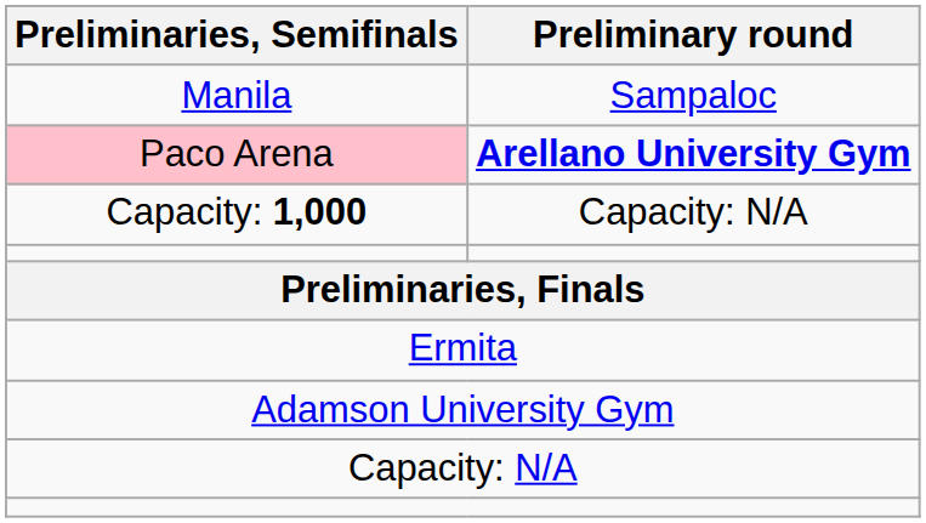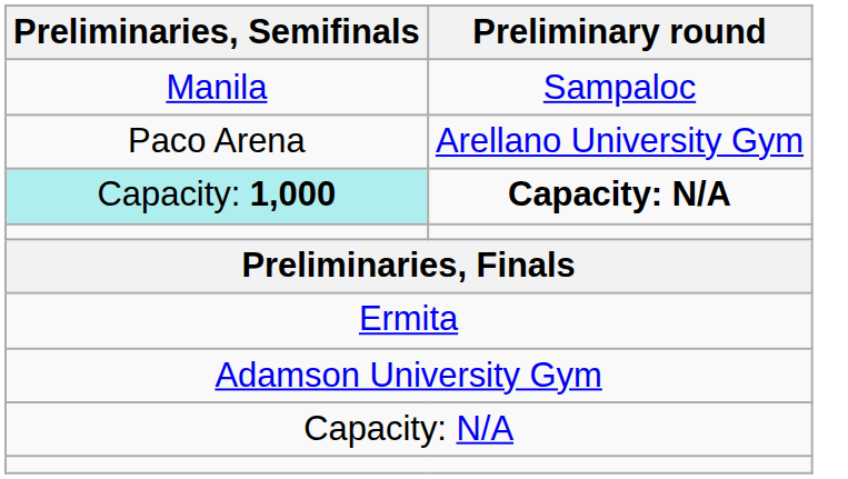 <table class="wikitable" style="text-align:center">
 <tr>
 <th>Preliminaries, Semifinals</th>
 <th>Preliminary round</th>
 </tr>
 <tr>
 <td><a href='#'>Manila</a></td>
 <td><a href='#'>Sampaloc</a></td>
 </tr>
 <tr>
-<td style="background: pink;">Paco Arena</td>
-<td><strong><a href='#'>Arellano University Gym</a></strong></td>
+<td>Paco Arena</td>
+<td><a href='#'>Arellano University Gym</a></td>
 </tr>
 <tr>
-<td>Capacity: <strong>1,000</strong></td>
-<td>Capacity: N/A</td>
+<td style="background: paleturquoise;">Capacity: <strong>1,000</strong></td>
+<td><strong>Capacity: N/A</strong></td>
 </tr>
 <tr>
 <td></td>
 <td></td>
 </tr>
 <tr>
 <th colspan="5">Preliminaries, Finals</th>
 </tr>
 <tr>
 <td colspan="5"><a href='#'>Ermita</a></td>
 </tr>
 <tr>
 <td colspan="5"><a href='#'>Adamson University Gym</a></td>
 </tr>
 <tr>
 <td colspan="5">Capacity: <a href='#'>N/A</a></td>
 </tr>
 <tr>
 <td colspan="5"></td>
 </tr>
 </table>
